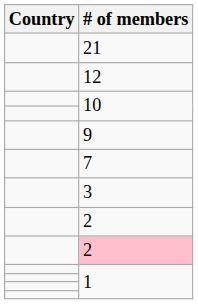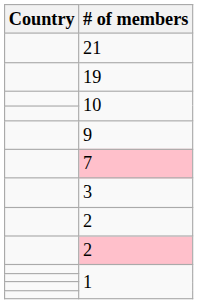 <table class="wikitable">
 <tr>
 <th>Country</th>
 <th># of members</th>
 </tr>
 <tr>
 <td></td>
 <td>21</td>
 </tr>
 <tr>
 <td></td>
-<td>12</td>
+<td>19</td>
 </tr>
 <tr>
 <td></td>
 <td rowspan="2">10</td>
 </tr>
 <tr>
 <td></td>
 </tr>
 <tr>
 <td></td>
 <td>9</td>
 </tr>
 <tr>
 <td></td>
-<td>7</td>
+<td style="background: pink;">7</td>
 </tr>
 <tr>
 <td></td>
 <td>3</td>
 </tr>
 <tr>
 <td></td>
 <td>2</td>
 </tr>
 <tr>
 <td></td>
 <td style="background: pink;">2</td>
 </tr>
 <tr>
 <td></td>
 <td rowspan="4">1</td>
 </tr>
 <tr>
 <td></td>
 </tr>
 <tr>
 <td></td>
 </tr>
 <tr>
 <td></td>
 </tr>
 </table>
